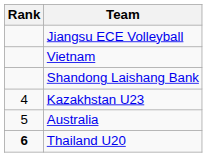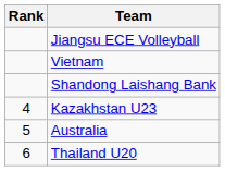 <table class="wikitable" style="text-align: center;">
 <tr>
 <th width=40>Rank</th>
 <th>Team</th>
 </tr>
 <tr align=center>
 <td></td>
 <td style="text-align:left;"> <a href='#'>Jiangsu ECE Volleyball</a></td>
 </tr>
 <tr align=center>
 <td></td>
 <td style="text-align:left;"> <a href='#'>Vietnam</a></td>
 </tr>
 <tr align=center>
 <td></td>
 <td style="text-align:left;"> <a href='#'>Shandong Laishang Bank</a></td>
 </tr>
 <tr align=center>
 <td>4</td>
 <td style="text-align:left;"> <a href='#'>Kazakhstan U23</a></td>
 </tr>
 <tr align=center>
 <td>5</td>
 <td style="text-align:left;"> <a href='#'>Australia</a></td>
 </tr>
 <tr align=center>
-<td><strong>6</strong></td>
+<td>6</td>
 <td style="text-align:left;"> <a href='#'>Thailand U20</a></td>
 </tr>
 </table>
